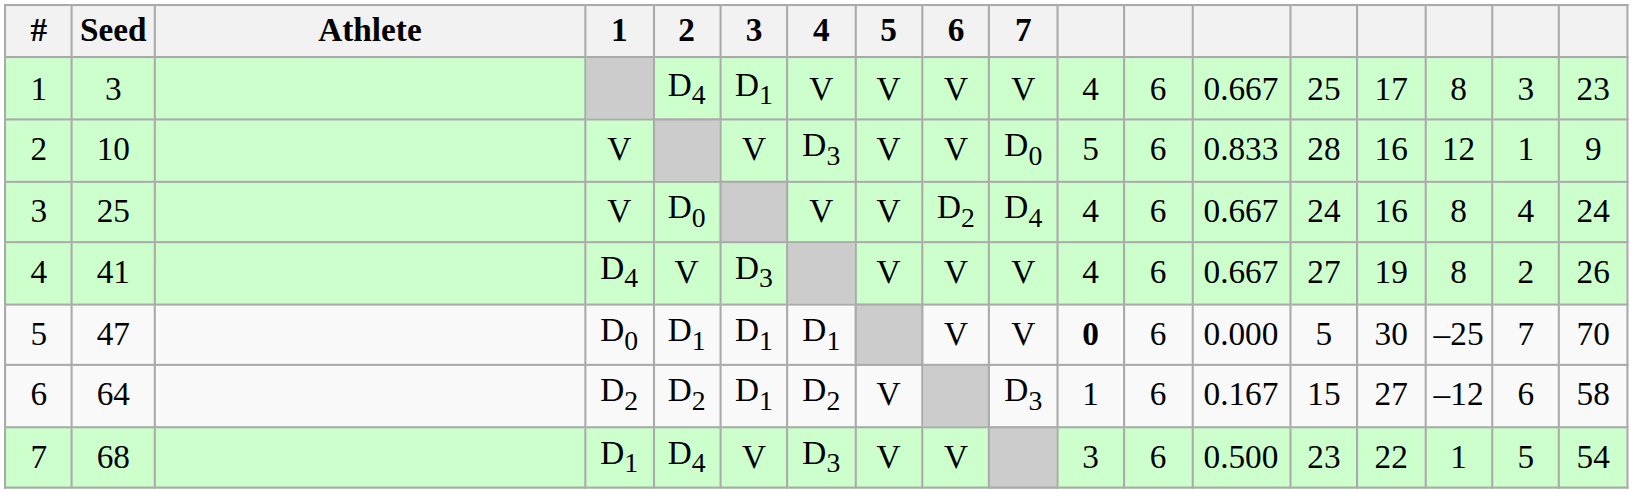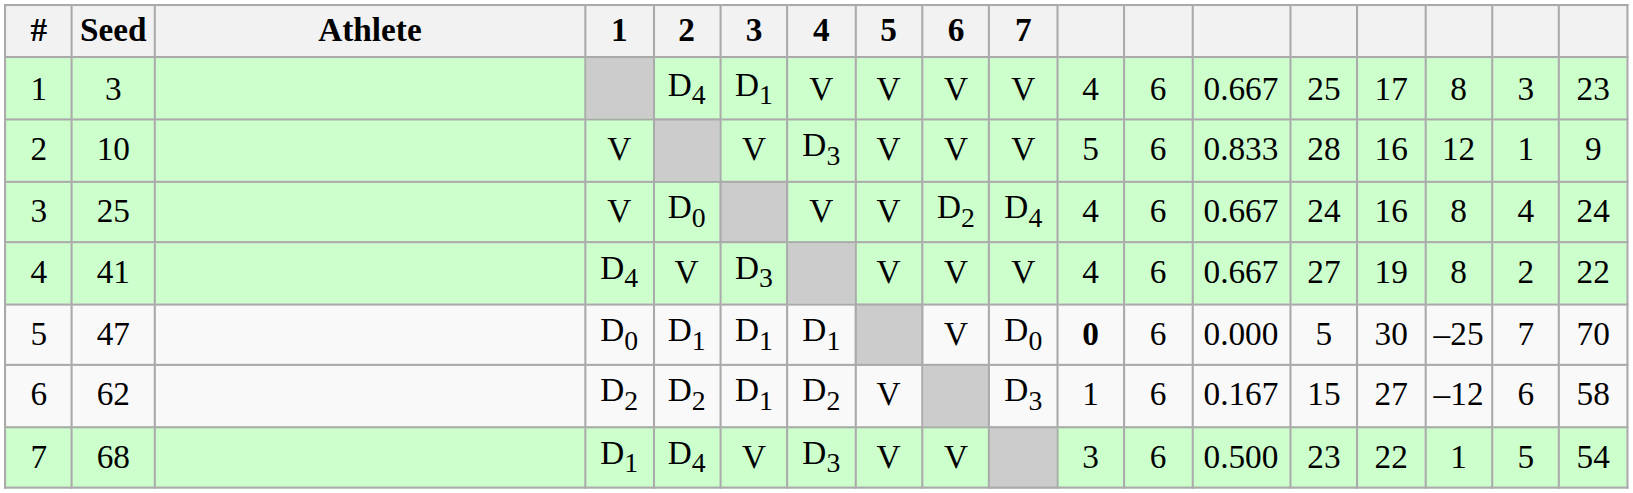 <table class="wikitable" style="text-align:center">
 <tr>
 <th width="25">#</th>
 <th width="25">Seed</th>
 <th width="200">Athlete</th>
 <th width="25">1</th>
 <th width="25">2</th>
 <th width="25">3</th>
 <th width="25">4</th>
 <th width="25">5</th>
 <th width="25">6</th>
 <th width="25">7</th>
 <th width="25"></th>
 <th width="25"></th>
 <th width="40"></th>
 <th width="25"></th>
 <th width="25"></th>
 <th width="25"></th>
 <th width="25"></th>
 <th width="25"></th>
 </tr>
 <tr bgcolor="ccffcc">
 <td>1</td>
 <td>3</td>
 <td align=left></td>
 <td bgcolor="#cccccc"></td>
 <td>D<sub>4</sub></td>
 <td>D<sub>1</sub></td>
 <td>V</td>
 <td>V</td>
 <td>V</td>
 <td>V</td>
 <td>4</td>
 <td>6</td>
 <td>0.667</td>
 <td>25</td>
 <td>17</td>
 <td>8</td>
 <td>3</td>
 <td>23</td>
 </tr>
 <tr bgcolor="ccffcc">
 <td>2</td>
 <td>10</td>
 <td align=left></td>
 <td>V</td>
 <td bgcolor="#cccccc"></td>
 <td>V</td>
 <td>D<sub>3</sub></td>
 <td>V</td>
 <td>V</td>
-<td>D<sub>0</sub></td>
+<td>V</td>
 <td>5</td>
 <td>6</td>
 <td>0.833</td>
 <td>28</td>
 <td>16</td>
 <td>12</td>
 <td>1</td>
 <td>9</td>
 </tr>
 <tr bgcolor="ccffcc">
 <td>3</td>
 <td>25</td>
 <td align=left></td>
 <td>V</td>
 <td>D<sub>0</sub></td>
 <td bgcolor="#cccccc"></td>
 <td>V</td>
 <td>V</td>
 <td>D<sub>2</sub></td>
 <td>D<sub>4</sub></td>
 <td>4</td>
 <td>6</td>
 <td>0.667</td>
 <td>24</td>
 <td>16</td>
 <td>8</td>
 <td>4</td>
 <td>24</td>
 </tr>
 <tr bgcolor="ccffcc">
 <td>4</td>
 <td>41</td>
 <td align=left></td>
 <td>D<sub>4</sub></td>
 <td>V</td>
 <td>D<sub>3</sub></td>
 <td bgcolor="#cccccc"></td>
 <td>V</td>
 <td>V</td>
 <td>V</td>
 <td>4</td>
 <td>6</td>
 <td>0.667</td>
 <td>27</td>
 <td>19</td>
 <td>8</td>
 <td>2</td>
-<td>26</td>
+<td>22</td>
 </tr>
 <tr>
 <td>5</td>
 <td>47</td>
 <td align=left></td>
 <td>D<sub>0</sub></td>
 <td>D<sub>1</sub></td>
 <td>D<sub>1</sub></td>
 <td>D<sub>1</sub></td>
 <td bgcolor="#cccccc"></td>
 <td>V</td>
-<td>V</td>
+<td>D<sub>0</sub></td>
 <td><strong>0</strong></td>
 <td>6</td>
 <td>0.000</td>
 <td>5</td>
 <td>30</td>
 <td>–25</td>
 <td>7</td>
 <td>70</td>
 </tr>
 <tr>
 <td>6</td>
-<td>64</td>
+<td>62</td>
 <td align=left></td>
 <td>D<sub>2</sub></td>
 <td>D<sub>2</sub></td>
 <td>D<sub>1</sub></td>
 <td>D<sub>2</sub></td>
 <td>V</td>
 <td bgcolor="#cccccc"></td>
 <td>D<sub>3</sub></td>
 <td>1</td>
 <td>6</td>
 <td>0.167</td>
 <td>15</td>
 <td>27</td>
 <td>–12</td>
 <td>6</td>
 <td>58</td>
 </tr>
 <tr bgcolor="ccffcc">
 <td>7</td>
 <td>68</td>
 <td align=left></td>
 <td>D<sub>1</sub></td>
 <td>D<sub>4</sub></td>
 <td>V</td>
 <td>D<sub>3</sub></td>
 <td>V</td>
 <td>V</td>
 <td bgcolor="#cccccc"></td>
 <td>3</td>
 <td>6</td>
 <td>0.500</td>
 <td>23</td>
 <td>22</td>
 <td>1</td>
 <td>5</td>
 <td>54</td>
 </tr>
 </table>
